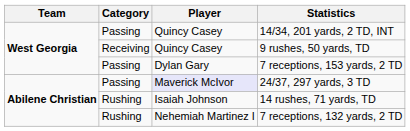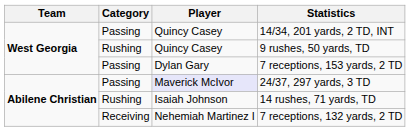 <table class="wikitable" style="float: right;">
 <tr>
 <th>Team</th>
 <th>Category</th>
 <th>Player</th>
 <th>Statistics</th>
 </tr>
 <tr>
 <td rowspan=3><strong>West Georgia</strong></td>
 <td>Passing</td>
 <td>Quincy Casey</td>
 <td>14/34, 201 yards, 2 TD, INT</td>
 </tr>
 <tr>
-<td>Receiving</td>
+<td>Rushing</td>
 <td>Quincy Casey</td>
 <td>9 rushes, 50 yards, TD</td>
 </tr>
 <tr>
 <td>Passing</td>
 <td>Dylan Gary</td>
 <td>7 receptions, 153 yards, 2 TD</td>
 </tr>
 <tr>
 <td rowspan=3><strong>Abilene Christian</strong></td>
 <td>Passing</td>
 <td style="background: lavender;">Maverick McIvor</td>
 <td>24/37, 297 yards, 3 TD</td>
 </tr>
 <tr>
 <td>Rushing</td>
 <td>Isaiah Johnson</td>
 <td>14 rushes, 71 yards, TD</td>
 </tr>
 <tr>
-<td>Rushing</td>
+<td>Receiving</td>
 <td>Nehemiah Martinez I</td>
 <td>7 receptions, 132 yards, 2 TD</td>
 </tr>
 </table>
